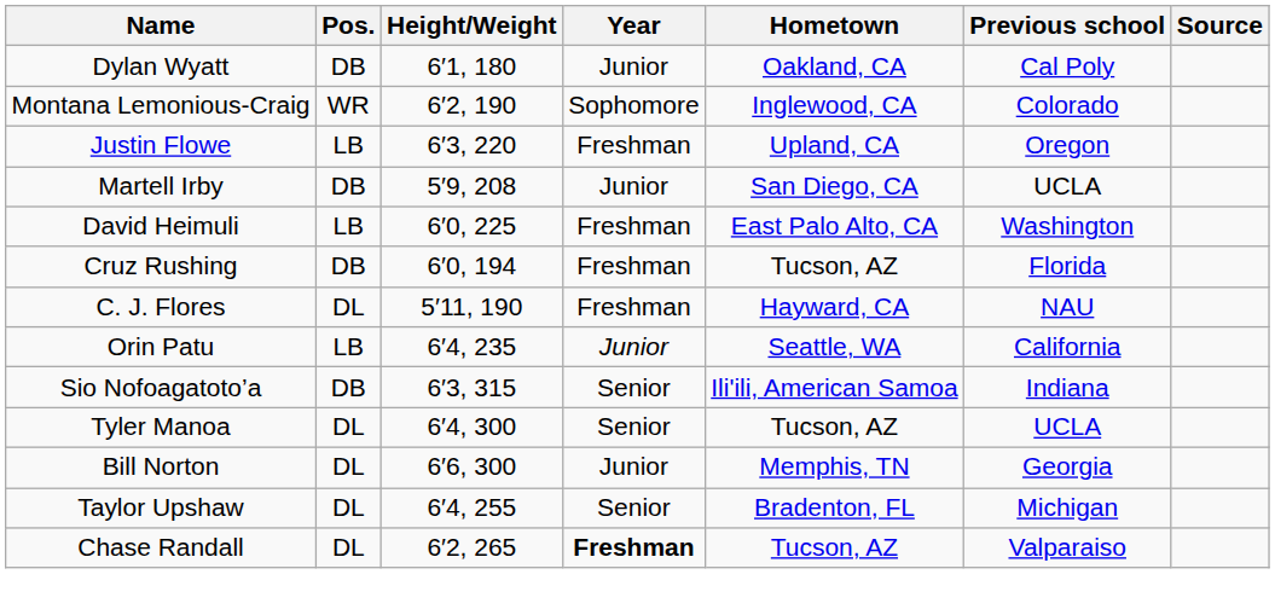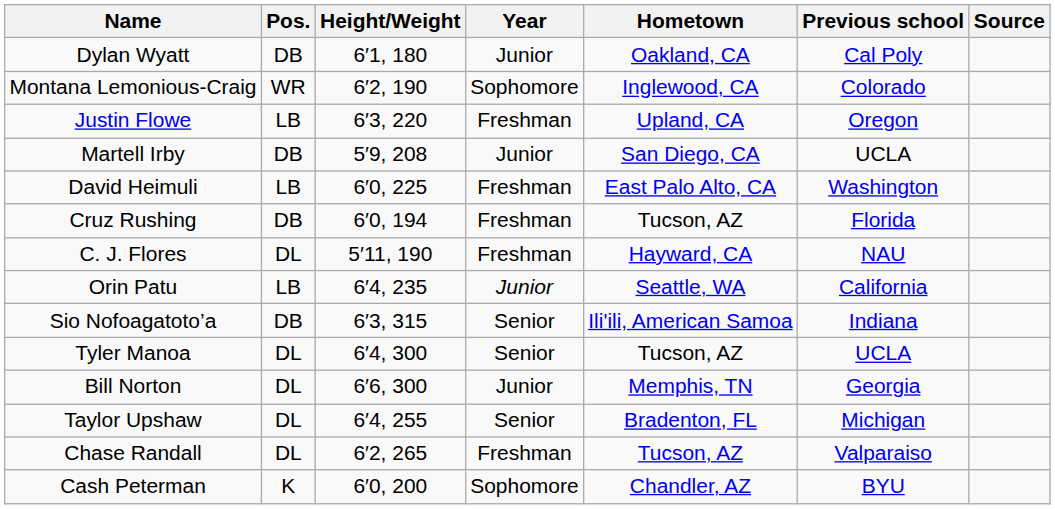 <table class="wikitable sortable sortable" style="text-align: center">
 <tr style="text-align:center">
 <th style="text-align:center; ">Name</th>
 <th style="text-align:center; ">Pos.</th>
 <th style="text-align:center; ">Height/Weight</th>
 <th style="text-align:center; ">Year</th>
 <th style="text-align:center; ">Hometown</th>
 <th style="text-align:center; ">Previous school</th>
 <th style="text-align:center; ">Source</th>
 </tr>
 <tr>
 <td>Dylan Wyatt</td>
 <td>DB</td>
 <td>6′1, 180</td>
 <td>Junior</td>
 <td><a href='#'>Oakland, CA</a></td>
 <td><a href='#'>Cal Poly</a></td>
 <td></td>
 </tr>
 <tr>
 <td>Montana Lemonious-Craig</td>
 <td>WR</td>
 <td>6′2, 190</td>
 <td>Sophomore</td>
 <td><a href='#'>Inglewood, CA</a></td>
 <td><a href='#'>Colorado</a></td>
 <td></td>
 </tr>
 <tr>
 <td><a href='#'>Justin Flowe</a></td>
 <td>LB</td>
 <td>6′3, 220</td>
 <td>Freshman</td>
 <td><a href='#'>Upland, CA</a></td>
 <td><a href='#'>Oregon</a></td>
 <td></td>
 </tr>
 <tr>
 <td>Martell Irby</td>
 <td>DB</td>
 <td>5′9, 208</td>
 <td>Junior</td>
 <td><a href='#'>San Diego, CA</a></td>
 <td>UCLA</td>
 <td></td>
 </tr>
 <tr>
 <td>David Heimuli</td>
 <td>LB</td>
 <td>6′0, 225</td>
 <td>Freshman</td>
 <td><a href='#'>East Palo Alto, CA</a></td>
 <td><a href='#'>Washington</a></td>
 <td></td>
 </tr>
 <tr>
 <td>Cruz Rushing</td>
 <td>DB</td>
 <td>6′0, 194</td>
 <td>Freshman</td>
 <td>Tucson, AZ</td>
 <td><a href='#'>Florida</a></td>
 <td></td>
 </tr>
 <tr>
 <td>C. J. Flores</td>
 <td>DL</td>
 <td>5′11, 190</td>
 <td>Freshman</td>
 <td><a href='#'>Hayward, CA</a></td>
 <td><a href='#'>NAU</a></td>
 <td></td>
 </tr>
 <tr>
 <td>Orin Patu</td>
 <td>LB</td>
 <td>6′4, 235</td>
 <td><em> Junior</em></td>
 <td><a href='#'>Seattle, WA</a></td>
 <td><a href='#'>California</a></td>
 <td></td>
 </tr>
 <tr>
 <td>Sio Nofoagatoto’a</td>
 <td>DB</td>
 <td>6′3, 315</td>
 <td>Senior</td>
 <td><a href='#'>Ili'ili, American Samoa</a></td>
 <td><a href='#'>Indiana</a></td>
 <td></td>
 </tr>
 <tr>
 <td>Tyler Manoa</td>
 <td>DL</td>
 <td>6′4, 300</td>
 <td>Senior</td>
 <td>Tucson, AZ</td>
 <td><a href='#'>UCLA</a></td>
 <td></td>
 </tr>
 <tr>
 <td>Bill Norton</td>
 <td>DL</td>
 <td>6′6, 300</td>
 <td>Junior</td>
 <td><a href='#'>Memphis, TN</a></td>
 <td><a href='#'>Georgia</a></td>
 <td></td>
 </tr>
 <tr>
 <td>Taylor Upshaw</td>
 <td>DL</td>
 <td>6′4, 255</td>
 <td>Senior</td>
 <td><a href='#'>Bradenton, FL</a></td>
 <td><a href='#'>Michigan</a></td>
 <td></td>
 </tr>
 <tr>
 <td>Chase Randall</td>
 <td>DL</td>
 <td>6′2, 265</td>
-<td><strong>Freshman</strong></td>
+<td>Freshman</td>
 <td><a href='#'>Tucson, AZ</a></td>
 <td><a href='#'>Valparaiso</a></td>
 <td></td>
 </tr>
+<tr>
+<td>Cash Peterman</td>
+<td>K</td>
+<td>6′0, 200</td>
+<td>Sophomore</td>
+<td><a href='#'>Chandler, AZ</a></td>
+<td><a href='#'>BYU</a></td>
+<td></td>
+</tr>
 </table>
